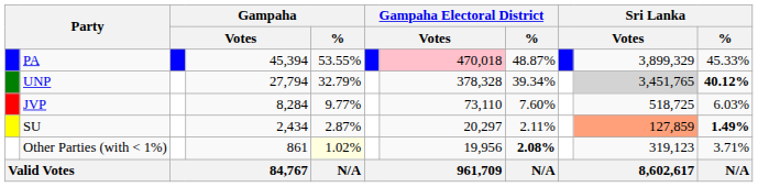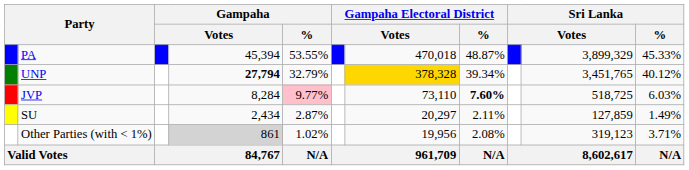 <table class="wikitable">
 <tr>
 <th colspan="2" width="144px"rowspan="2">Party</th>
 <th colspan="3" width="216px">Gampaha</th>
 <th colspan="3" width="216px"><a href='#'>Gampaha Electoral District</a></th>
 <th colspan="3" width="216px">Sri Lanka</th>
 </tr>
 <tr>
 <th colspan="2" width="144px">Votes</th>
 <th>%</th>
 <th colspan="2" width="144px">Votes</th>
 <th>%</th>
 <th colspan="2" width="144px">Votes</th>
 <th>%</th>
 </tr>
 <tr>
 <td style="background-color:blue;" width="10px"></td>
 <td style="text-align:left;"><a href='#'>PA</a></td>
 <td style="background-color:blue;" width="10px"></td>
 <td style="text-align:right;">45,394</td>
 <td style="text-align:right;">53.55%</td>
 <td style="background-color:blue;" width="10px"></td>
-<td style="background: pink; text-align:right;">470,018</td>
+<td style="text-align:right;">470,018</td>
 <td style="text-align:right;">48.87%</td>
 <td style="background-color:blue;" width="10px"></td>
 <td style="text-align:right;">3,899,329</td>
 <td style="text-align:right;">45.33%</td>
 </tr>
 <tr>
 <td style="background-color:green;" width="10px"></td>
 <td style="text-align:left;"><a href='#'>UNP</a></td>
 <td style="background-color:white;" width="10px"></td>
-<td style="text-align:right;">27,794</td>
+<td style="text-align:right;"><strong>27,794</strong></td>
 <td style="text-align:right;">32.79%</td>
 <td style="background-color:white;" width="10px"></td>
-<td style="text-align:right;">378,328</td>
+<td style="background: gold; text-align:right;">378,328</td>
 <td style="text-align:right;">39.34%</td>
 <td style="background-color:white;" width="10px"></td>
-<td style="background: lightgrey; text-align:right;">3,451,765</td>
-<td style="text-align:right;"><strong>40.12%</strong></td>
+<td style="text-align:right;">3,451,765</td>
+<td style="text-align:right;">40.12%</td>
 </tr>
 <tr>
 <td style="background-color:red;" width="10px"></td>
 <td style="text-align:left;"><a href='#'>JVP</a></td>
 <td style="background-color:white;" width="10px"></td>
 <td style="text-align:right;">8,284</td>
-<td style="text-align:right;">9.77%</td>
+<td style="background: pink; text-align:right;">9.77%</td>
 <td style="background-color:white;" width="10px"></td>
 <td style="text-align:right;">73,110</td>
-<td style="text-align:right;">7.60%</td>
+<td style="text-align:right;"><strong>7.60%</strong></td>
 <td style="background-color:white;" width="10px"></td>
 <td style="text-align:right;">518,725</td>
 <td style="text-align:right;">6.03%</td>
 </tr>
 <tr>
 <td style="background-color:yellow;" width="10px"></td>
 <td style="text-align:left;">SU</td>
 <td style="background-color:white;" width="10px"></td>
 <td style="text-align:right;">2,434</td>
 <td style="text-align:right;">2.87%</td>
 <td style="background-color:white;" width="10px"></td>
 <td style="text-align:right;">20,297</td>
 <td style="text-align:right;">2.11%</td>
 <td style="background-color:white;" width="10px"></td>
-<td style="background: lightsalmon; text-align:right;">127,859</td>
-<td style="text-align:right;"><strong>1.49%</strong></td>
+<td style="text-align:right;">127,859</td>
+<td style="text-align:right;">1.49%</td>
 </tr>
 <tr>
 <td style="background-color:white;" width="10px"></td>
 <td style="text-align:left;">Other Parties (with < 1%)</td>
 <td style="background-color:white;" width="10px"></td>
-<td style="text-align:right;">861</td>
-<td style="background: lightyellow; text-align:right;">1.02%</td>
+<td style="background: lightgrey; text-align:right;">861</td>
+<td style="text-align:right;">1.02%</td>
 <td style="background-color:white;" width="10px"></td>
 <td style="text-align:right;">19,956</td>
-<td style="text-align:right;"><strong>2.08%</strong></td>
+<td style="text-align:right;">2.08%</td>
 <td style="background-color:white;" width="10px"></td>
 <td style="text-align:right;">319,123</td>
 <td style="text-align:right;">3.71%</td>
 </tr>
 <tr>
 <th colspan="2" width="144px"style="text-align:left;">Valid Votes</th>
 <th style="text-align:right;"colspan="2" width="144px">84,767</th>
 <th style="text-align:right;">N/A</th>
 <th style="text-align:right;"colspan="2" width="144px">961,709</th>
 <th style="text-align:right;">N/A</th>
 <th style="text-align:right;"colspan="2" width="144px">8,602,617</th>
 <th style="text-align:right;">N/A</th>
 </tr>
 </table>
